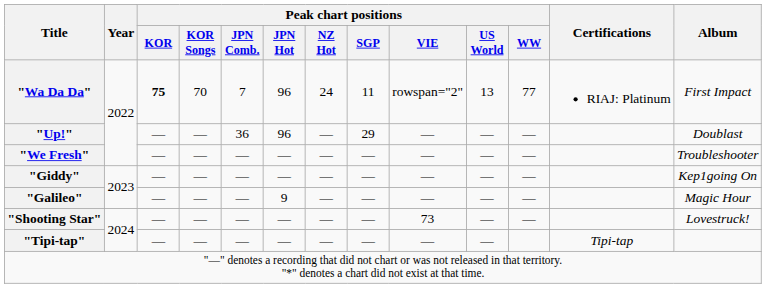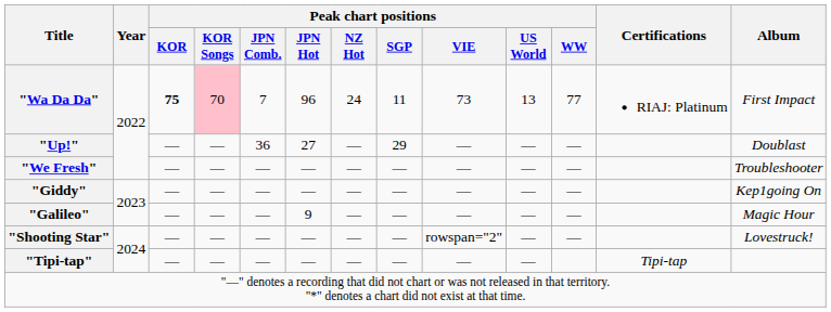 <table class="wikitable plainrowheaders" style="text-align:center">
 <tr>
 <th scope="col" rowspan="2">Title</th>
 <th scope="col" rowspan="2">Year</th>
 <th scope="col" colspan="9">Peak chart positions</th>
 <th scope="col" rowspan="2">Certifications</th>
 <th scope="col" rowspan="2">Album</th>
 </tr>
 <tr>
 <th scope="col" style="font-size:90%; width:3em"><a href='#'>KOR</a><br></th>
 <th scope="col" style="font-size:90%; width:3em"><a href='#'>KOR<br>Songs</a><br></th>
 <th scope="col" style="font-size:90%; width:3em"><a href='#'>JPN<br>Comb.</a><br></th>
 <th scope="col" style="font-size:90%; width:3em"><a href='#'>JPN<br>Hot</a><br></th>
 <th scope="col" style="font-size:90%; width:3em"><a href='#'>NZ<br>Hot</a><br></th>
 <th scope="col" style="font-size:90%; width:3em"><a href='#'>SGP</a><br></th>
 <th scope="col" style="font-size:90%; width:3em"><a href='#'>VIE</a><br></th>
 <th scope="col" style="font-size:90%; width:3em"><a href='#'>US<br>World</a><br></th>
 <th scope="col" style="font-size:90%; width:3em"><a href='#'>WW</a><br></th>
 </tr>
 <tr>
 <th scope="row">"<a href='#'>Wa Da Da</a>"</th>
 <td rowspan="3">2022</td>
 <td><strong>75</strong></td>
-<td>70</td>
+<td style="background: pink;">70</td>
 <td>7</td>
 <td>96</td>
 <td>24</td>
 <td>11</td>
-<td>rowspan="2" </td>
+<td>73</td>
 <td>13</td>
 <td>77</td>
 <td><br><ul><li>RIAJ: Platinum </li></ul></td>
 <td><em>First Impact</em></td>
 </tr>
 <tr>
 <th scope="row">"<a href='#'>Up!</a>"</th>
 <td>—</td>
 <td>—</td>
 <td>36</td>
-<td>96</td>
+<td>27</td>
 <td>—</td>
 <td>29</td>
 <td>—</td>
 <td>—</td>
 <td>—</td>
 <td></td>
 <td><em>Doublast</em></td>
 </tr>
 <tr>
 <th scope="row">"<a href='#'>We Fresh</a>"</th>
 <td>—</td>
 <td>—</td>
 <td>—</td>
 <td>—</td>
 <td>—</td>
 <td>—</td>
 <td>—</td>
 <td>—</td>
 <td>—</td>
 <td></td>
 <td><em>Troubleshooter</em></td>
 </tr>
 <tr>
 <th scope="row">"Giddy"</th>
 <td rowspan="2">2023</td>
 <td>—</td>
 <td>—</td>
 <td>—</td>
 <td>—</td>
 <td>—</td>
 <td>—</td>
 <td>—</td>
 <td>—</td>
 <td>—</td>
 <td></td>
 <td><em>Kep1going On</em></td>
 </tr>
 <tr>
 <th scope="row">"Galileo"</th>
 <td>—</td>
 <td>—</td>
 <td>—</td>
 <td>9</td>
 <td>—</td>
 <td>—</td>
 <td>—</td>
 <td>—</td>
 <td>—</td>
 <td></td>
 <td><em>Magic Hour</em></td>
 </tr>
 <tr>
 <th scope="row">"Shooting Star"</th>
 <td rowspan="2">2024</td>
 <td>—</td>
 <td>—</td>
 <td>—</td>
 <td>—</td>
 <td>—</td>
 <td>—</td>
-<td>73</td>
+<td>rowspan="2" </td>
 <td>—</td>
 <td>—</td>
 <td></td>
 <td><em>Lovestruck! </em></td>
 </tr>
 <tr>
 <th scope="row">"Tipi-tap"</th>
 <td>—</td>
 <td>—</td>
 <td>—</td>
 <td>—</td>
 <td>—</td>
 <td>—</td>
 <td>—</td>
 <td>—</td>
 <td></td>
 <td><em>Tipi-tap</em></td>
 </tr>
 <tr>
 <td colspan="13" style="font-size:85%">"—" denotes a recording that did not chart or was not released in that territory.<br>"*" denotes a chart did not exist at that time.</td>
 </tr>
 </table>
